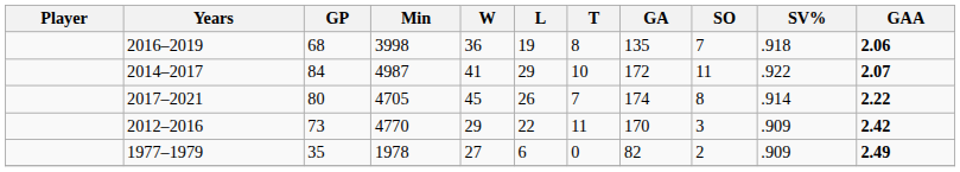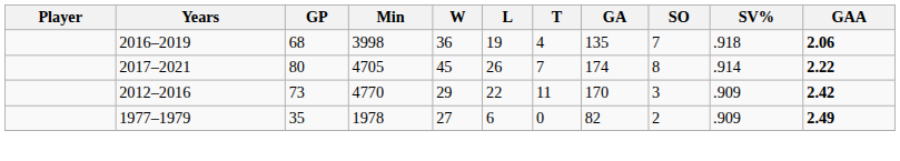 <table class="wikitable sortable" width = 900>
 <tr>
 <th>Player</th>
 <th>Years</th>
 <th>GP</th>
 <th>Min</th>
 <th>W</th>
 <th>L</th>
 <th>T</th>
 <th>GA</th>
 <th>SO</th>
 <th>SV%</th>
 <th>GAA</th>
 </tr>
 <tr>
 <td></td>
 <td>2016–2019</td>
 <td>68</td>
 <td>3998</td>
 <td>36</td>
 <td>19</td>
-<td>8</td>
+<td>4</td>
 <td>135</td>
 <td>7</td>
 <td>.918</td>
 <td><strong>2.06</strong></td>
-</tr>
-<tr>
-<td></td>
-<td>2014–2017</td>
-<td>84</td>
-<td>4987</td>
-<td>41</td>
-<td>29</td>
-<td>10</td>
-<td>172</td>
-<td>11</td>
-<td>.922</td>
-<td><strong>2.07</strong></td>
 </tr>
 <tr>
 <td></td>
 <td>2017–2021</td>
 <td>80</td>
 <td>4705</td>
 <td>45</td>
 <td>26</td>
 <td>7</td>
 <td>174</td>
 <td>8</td>
 <td>.914</td>
 <td><strong>2.22</strong></td>
 </tr>
 <tr>
 <td></td>
 <td>2012–2016</td>
 <td>73</td>
 <td>4770</td>
 <td>29</td>
 <td>22</td>
 <td>11</td>
 <td>170</td>
 <td>3</td>
 <td>.909</td>
 <td><strong>2.42</strong></td>
 </tr>
 <tr>
 <td></td>
 <td>1977–1979</td>
 <td>35</td>
 <td>1978</td>
 <td>27</td>
 <td>6</td>
 <td>0</td>
 <td>82</td>
 <td>2</td>
 <td>.909</td>
 <td><strong>2.49</strong></td>
 </tr>
 <tr>
 </tr>
 </table>
